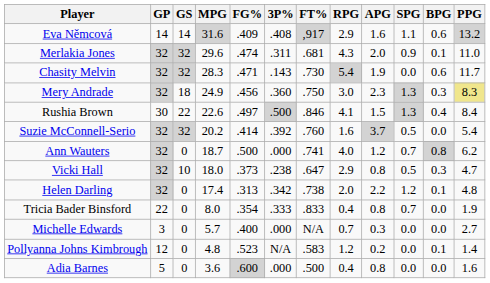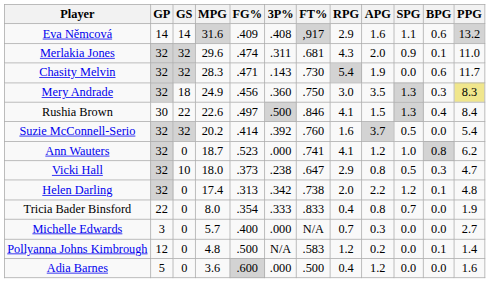 <table class="wikitable sortable" style="text-align:center;">
 <tr>
 <th>Player</th>
 <th>GP</th>
 <th>GS</th>
 <th>MPG</th>
 <th>FG%</th>
 <th>3P%</th>
 <th>FT%</th>
 <th>RPG</th>
 <th>APG</th>
 <th>SPG</th>
 <th>BPG</th>
 <th>PPG</th>
 </tr>
 <tr>
 <td><a href='#'>Eva Němcová</a></td>
 <td>14</td>
 <td>14</td>
 <td style="background:#D3D3D3;">31.6</td>
 <td>.409</td>
 <td>.408</td>
 <td style="background:#D3D3D3;">,917</td>
 <td>2.9</td>
 <td>1.6</td>
 <td>1.1</td>
 <td>0.6</td>
 <td style="background:#D3D3D3;">13.2</td>
 </tr>
 <tr>
 <td><a href='#'>Merlakia Jones</a></td>
 <td style="background:#D3D3D3;">32</td>
 <td style="background:#D3D3D3;">32</td>
 <td>29.6</td>
 <td>.474</td>
 <td>.311</td>
 <td>.681</td>
 <td>4.3</td>
 <td>2.0</td>
 <td>0.9</td>
 <td>0.1</td>
 <td>11.0</td>
 </tr>
 <tr>
 <td><a href='#'>Chasity Melvin</a></td>
 <td style="background:#D3D3D3;">32</td>
 <td style="background:#D3D3D3;">32</td>
 <td>28.3</td>
 <td>.471</td>
 <td>.143</td>
 <td>.730</td>
 <td style="background:#D3D3D3;">5.4</td>
 <td>1.9</td>
 <td>0.0</td>
 <td>0.6</td>
 <td>11.7</td>
 </tr>
 <tr>
 <td><a href='#'>Mery Andrade</a></td>
 <td style="background:#D3D3D3;">32</td>
 <td>18</td>
 <td>24.9</td>
 <td>.456</td>
 <td>.360</td>
 <td>.750</td>
 <td>3.0</td>
-<td>2.3</td>
+<td>3.5</td>
 <td style="background:#D3D3D3;">1.3</td>
 <td>0.3</td>
 <td style="background: khaki;">8.3</td>
 </tr>
 <tr>
 <td>Rushia Brown</td>
 <td>30</td>
 <td>22</td>
 <td>22.6</td>
 <td>.497</td>
 <td style="background:#D3D3D3;">.500</td>
 <td>.846</td>
 <td>4.1</td>
 <td>1.5</td>
 <td style="background:#D3D3D3;">1.3</td>
 <td>0.4</td>
 <td>8.4</td>
 </tr>
 <tr>
 <td><a href='#'>Suzie McConnell-Serio</a></td>
 <td style="background:#D3D3D3;">32</td>
 <td style="background:#D3D3D3;">32</td>
 <td>20.2</td>
 <td>.414</td>
 <td>.392</td>
 <td>.760</td>
 <td>1.6</td>
 <td style="background:#D3D3D3;">3.7</td>
 <td>0.5</td>
 <td>0.0</td>
 <td>5.4</td>
 </tr>
 <tr>
 <td><a href='#'>Ann Wauters</a></td>
 <td style="background:#D3D3D3;">32</td>
 <td>0</td>
 <td>18.7</td>
-<td>.500</td>
+<td>.523</td>
 <td>.000</td>
 <td>.741</td>
-<td>4.0</td>
+<td>4.1</td>
 <td>1.2</td>
-<td>0.7</td>
+<td>1.0</td>
 <td style="background:#D3D3D3;">0.8</td>
 <td>6.2</td>
 </tr>
 <tr>
 <td><a href='#'>Vicki Hall</a></td>
 <td style="background:#D3D3D3;">32</td>
 <td>10</td>
 <td>18.0</td>
 <td>.373</td>
 <td>.238</td>
 <td>.647</td>
 <td>2.9</td>
 <td>0.8</td>
 <td>0.5</td>
 <td>0.3</td>
 <td>4.7</td>
 </tr>
 <tr>
 <td><a href='#'>Helen Darling</a></td>
 <td style="background:#D3D3D3;">32</td>
 <td>0</td>
 <td>17.4</td>
 <td>.313</td>
 <td>.342</td>
 <td>.738</td>
 <td>2.0</td>
 <td>2.2</td>
 <td>1.2</td>
 <td>0.1</td>
 <td>4.8</td>
 </tr>
 <tr>
 <td>Tricia Bader Binsford</td>
 <td>22</td>
 <td>0</td>
 <td>8.0</td>
 <td>.354</td>
 <td>.333</td>
 <td>.833</td>
 <td>0.4</td>
 <td>0.8</td>
 <td>0.7</td>
 <td>0.0</td>
 <td>1.9</td>
 </tr>
 <tr>
 <td><a href='#'>Michelle Edwards</a></td>
 <td>3</td>
 <td>0</td>
 <td>5.7</td>
 <td>.400</td>
 <td>.000</td>
 <td>N/A</td>
 <td>0.7</td>
 <td>0.3</td>
 <td>0.0</td>
 <td>0.0</td>
 <td>2.7</td>
 </tr>
 <tr>
 <td><a href='#'>Pollyanna Johns Kimbrough</a></td>
 <td>12</td>
 <td>0</td>
 <td>4.8</td>
-<td>.523</td>
+<td>.500</td>
 <td>N/A</td>
 <td>.583</td>
 <td>1.2</td>
 <td>0.2</td>
 <td>0.0</td>
 <td>0.1</td>
 <td>1.4</td>
 </tr>
 <tr>
 <td><a href='#'>Adia Barnes</a></td>
 <td>5</td>
 <td>0</td>
 <td>3.6</td>
 <td style="background:#D3D3D3;">.600</td>
 <td>.000</td>
 <td>.500</td>
 <td>0.4</td>
-<td>0.8</td>
+<td>1.2</td>
 <td>0.0</td>
 <td>0.0</td>
 <td>1.6</td>
 </tr>
 </table>
